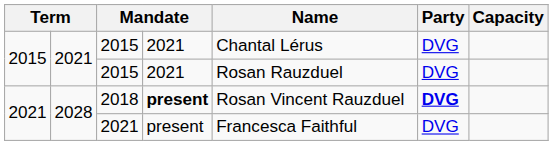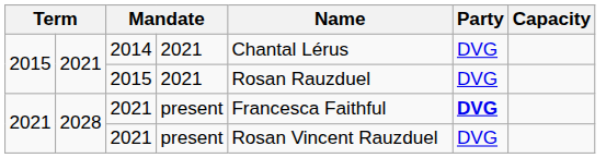 <table class="wikitable">
 <tr>
 <th colspan="2">Term</th>
 <th colspan="2">Mandate</th>
 <th>Name</th>
 <th>Party</th>
 <th>Capacity</th>
 </tr>
 <tr>
 <td rowspan="2">2015</td>
 <td rowspan="2">2021</td>
-<td>2015</td>
+<td>2014</td>
 <td>2021</td>
 <td>Chantal Lérus  </td>
 <td><a href='#'>DVG</a></td>
 <td></td>
 </tr>
 <tr>
 <td>2015</td>
 <td>2021</td>
 <td>Rosan Rauzduel</td>
 <td><a href='#'>DVG</a></td>
 <td></td>
 </tr>
 <tr>
 <td rowspan="2">2021</td>
 <td rowspan="2">2028</td>
-<td>2018</td>
-<td><strong>present</strong></td>
-<td>Rosan Vincent Rauzduel  </td>
+<td>2021</td>
+<td>present</td>
+<td>Francesca Faithful  </td>
 <td><strong><a href='#'>DVG</a></strong></td>
 <td></td>
 </tr>
 <tr>
 <td>2021</td>
 <td>present</td>
-<td>Francesca Faithful  </td>
+<td>Rosan Vincent Rauzduel  </td>
 <td><a href='#'>DVG</a></td>
 <td></td>
 </tr>
 </table>
